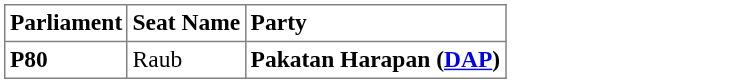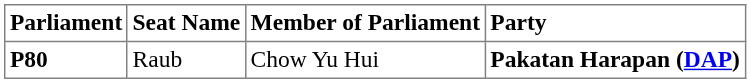 <table class="toccolours sortable" border="1" cellpadding="3" style="border-collapse:collapse; text-align: left;">
 <tr>
 <th style="text-align:center;">Parliament</th>
 <th>Seat Name</th>
+<th>Member of Parliament</th>
 <th>Party</th>
 </tr>
 <tr>
 <th style="text-align:left;">P80</th>
 <td>Raub</td>
+<td>Chow Yu Hui</td>
 <td><strong> Pakatan Harapan (<a href='#'>DAP</a>)</strong></td>
 </tr>
 </table>
